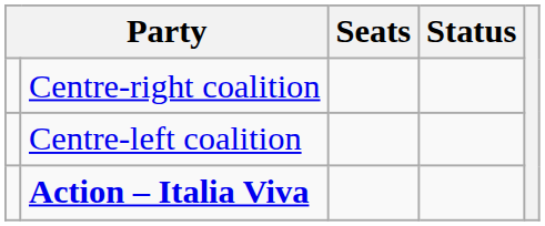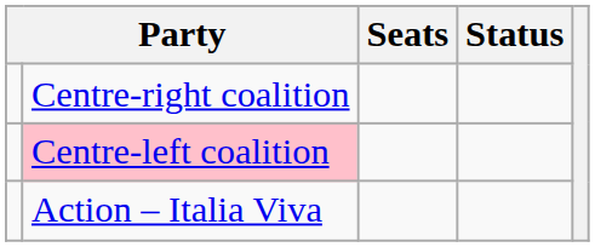 <table class=wikitable>
 <tr>
 <th colspan=2>Party</th>
 <th>Seats</th>
 <th>Status</th>
 <th rowspan=4></th>
 </tr>
 <tr>
 <td style="color:inherit;background:"></td>
 <td><a href='#'>Centre-right coalition</a></td>
 <td></td>
 <td></td>
 </tr>
 <tr>
 <td style="color:inherit;background:"></td>
-<td><a href='#'>Centre-left coalition</a></td>
+<td style="background: pink;"><a href='#'>Centre-left coalition</a></td>
 <td></td>
 <td></td>
 </tr>
 <tr>
 <td style="color:inherit;background:"></td>
-<td><strong><a href='#'>Action – Italia Viva</a></strong></td>
+<td><a href='#'>Action – Italia Viva</a></td>
 <td></td>
 <td></td>
 </tr>
 </table>
